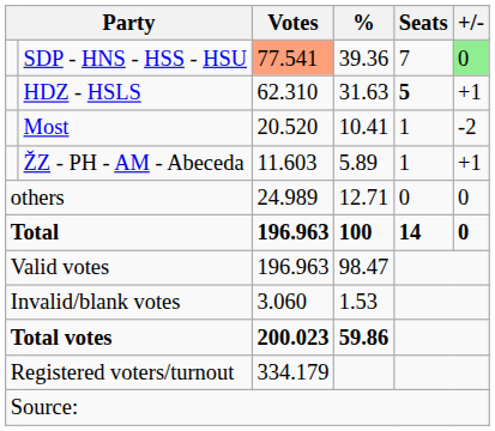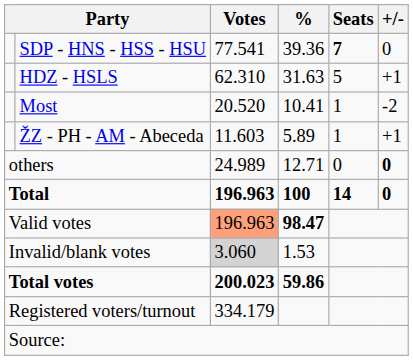 <table class="wikitable" style="text-align: left;">
 <tr>
 <th colspan="2">Party</th>
 <th>Votes</th>
 <th>%</th>
 <th>Seats</th>
 <th>+/-</th>
 </tr>
 <tr>
 <td width="2" style="background-color: "></td>
 <td><a href='#'>SDP</a> - <a href='#'>HNS</a> - <a href='#'>HSS</a> - <a href='#'>HSU</a></td>
-<td style="background: lightsalmon;">77.541</td>
+<td>77.541</td>
 <td>39.36</td>
-<td>7</td>
-<td style="background: lightgreen;">0</td>
+<td><strong>7</strong></td>
+<td>0</td>
 </tr>
 <tr>
 <td style="background-color: "></td>
 <td><a href='#'>HDZ</a> - <a href='#'>HSLS</a></td>
 <td>62.310</td>
 <td>31.63</td>
-<td><strong>5</strong></td>
+<td>5</td>
 <td>+1</td>
 </tr>
 <tr>
 <td style="background-color: "></td>
 <td><a href='#'>Most</a></td>
 <td>20.520</td>
 <td>10.41</td>
 <td>1</td>
 <td>-2</td>
 </tr>
 <tr>
 <td style="background-color: "></td>
 <td><a href='#'>ŽZ</a> - PH - <a href='#'>AM</a> - Abeceda</td>
 <td>11.603</td>
 <td>5.89</td>
 <td>1</td>
 <td>+1</td>
 </tr>
 <tr>
 <td colspan="2">others</td>
 <td>24.989</td>
 <td>12.71</td>
 <td>0</td>
-<td>0</td>
+<td><strong>0</strong></td>
 </tr>
 <tr>
 <td colspan="2"><strong>Total</strong></td>
 <td><strong>196.963</strong></td>
 <td><strong>100</strong></td>
 <td><strong>14</strong></td>
 <td><strong>0</strong></td>
 </tr>
 <tr>
 <td colspan="2">Valid votes</td>
-<td>196.963</td>
-<td>98.47</td>
+<td style="background: lightsalmon;">196.963</td>
+<td><strong>98.47</strong></td>
 <td colspan="2"></td>
 </tr>
 <tr>
 <td colspan="2">Invalid/blank votes</td>
-<td>3.060</td>
+<td style="background: lightgrey;">3.060</td>
 <td>1.53</td>
 <td colspan="2"></td>
 </tr>
 <tr>
 <td colspan="2"><strong>Total votes</strong></td>
 <td><strong>200.023</strong></td>
 <td><strong>59.86</strong></td>
 <td colspan="2"></td>
 </tr>
 <tr>
 <td colspan="2">Registered voters/turnout</td>
 <td votes14="5343">334.179</td>
 <td></td>
 <td colspan="2"></td>
 </tr>
 <tr>
 <td colspan="6">Source: </td>
 </tr>
 </table>
